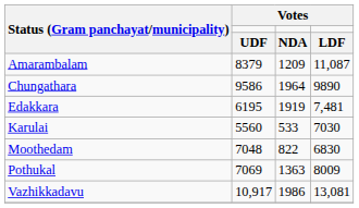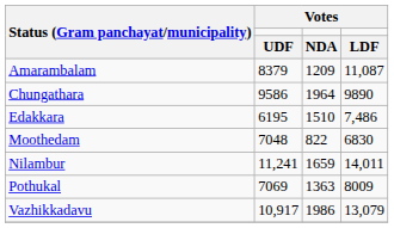 <table class="wikitable">
 <tr>
 <th rowspan="3">Status (<a href='#'>Gram panchayat</a>/<a href='#'>municipality</a>)</th>
 <th colspan="3">Votes</th>
 </tr>
 <tr>
 <td style="background:"></td>
 <td style="background:"></td>
 <td style="background:"></td>
 </tr>
 <tr>
 <th>UDF</th>
 <th>NDA</th>
 <th>LDF</th>
 </tr>
 <tr>
 <td><a href='#'>Amarambalam</a></td>
 <td>8379</td>
 <td>1209</td>
 <td>11,087</td>
 </tr>
 <tr>
 <td><a href='#'>Chungathara</a></td>
 <td>9586</td>
 <td>1964</td>
 <td>9890</td>
 </tr>
 <tr>
 <td><a href='#'>Edakkara</a></td>
 <td>6195</td>
-<td>1919</td>
-<td>7,481</td>
-</tr>
-<tr>
-<td><a href='#'>Karulai</a></td>
-<td>5560</td>
-<td>533</td>
-<td>7030</td>
+<td>1510</td>
+<td>7,486</td>
 </tr>
 <tr>
 <td><a href='#'>Moothedam</a></td>
 <td>7048</td>
 <td>822</td>
 <td>6830</td>
+</tr>
+<tr>
+<td><a href='#'>Nilambur</a></td>
+<td>11,241</td>
+<td>1659</td>
+<td>14,011</td>
 </tr>
 <tr>
 <td><a href='#'>Pothukal</a></td>
 <td>7069</td>
 <td>1363</td>
 <td>8009</td>
 </tr>
 <tr>
 <td><a href='#'>Vazhikkadavu</a></td>
 <td>10,917</td>
 <td>1986</td>
-<td>13,081</td>
+<td>13,079</td>
 </tr>
 <tr>
 </tr>
 </table>
